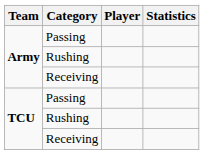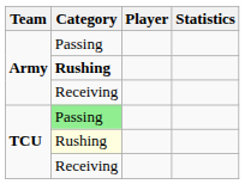 <table class="wikitable" style="float: left;">
 <tr>
 <th>Team</th>
 <th>Category</th>
 <th>Player</th>
 <th>Statistics</th>
 </tr>
 <tr>
 <td rowspan=3><strong>Army</strong></td>
 <td>Passing</td>
 <td></td>
 <td></td>
 </tr>
 <tr>
-<td>Rushing</td>
+<td><strong>Rushing</strong></td>
 <td></td>
 <td></td>
 </tr>
 <tr>
 <td>Receiving</td>
 <td></td>
 <td></td>
 </tr>
 <tr>
 <td rowspan=3><strong>TCU</strong></td>
-<td>Passing</td>
+<td style="background: lightgreen;">Passing</td>
 <td></td>
 <td></td>
 </tr>
 <tr>
-<td>Rushing</td>
+<td style="background: lightyellow;">Rushing</td>
 <td></td>
 <td></td>
 </tr>
 <tr>
 <td>Receiving</td>
 <td></td>
 <td></td>
 </tr>
 </table>
